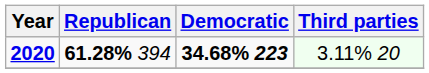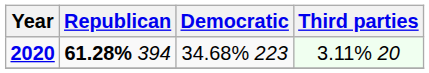 <table class="wikitable" style="float:right; font-size:95%;">
 <tr bgcolor=lightgrey>
 <th>Year</th>
 <th><a href='#'>Republican</a></th>
 <th><a href='#'>Democratic</a></th>
 <th><a href='#'>Third parties</a></th>
 </tr>
 <tr>
 <td style="text-align:center;" ><strong><a href='#'>2020</a></strong></td>
 <td style="text-align:center;" ><strong>61.28%</strong> <em>394</em></td>
-<td style="text-align:center;" ><strong>34.68% <em>223</em></strong></td>
+<td style="text-align:center;" >34.68% <em>223</em></td>
 <td style="text-align:center; background:honeyDew;">3.11% <em>20</em></td>
 </tr>
 <tr>
 </tr>
 </table>
